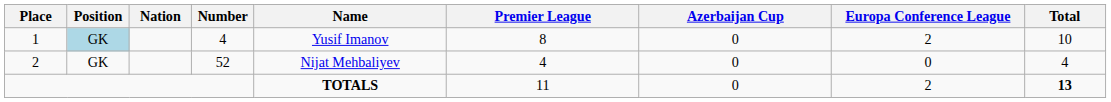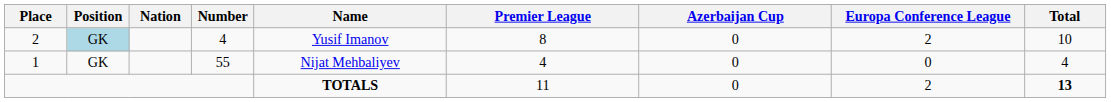 <table class="wikitable" style="font-size: 95%; text-align: center;">
 <tr>
 <th width=60>Place</th>
 <th width=60>Position</th>
 <th width=60>Nation</th>
 <th width=60>Number</th>
 <th width=200>Name</th>
 <th width=200><a href='#'>Premier League</a></th>
 <th width=200><a href='#'>Azerbaijan Cup</a></th>
 <th width=200><a href='#'>Europa Conference League</a></th>
 <th width=80><strong>Total</strong></th>
 </tr>
 <tr>
-<td>1</td>
+<td>2</td>
 <td style="background: lightblue;">GK</td>
 <td></td>
 <td>4</td>
 <td><a href='#'>Yusif Imanov</a></td>
 <td>8</td>
 <td>0</td>
 <td>2</td>
 <td>10</td>
 </tr>
 <tr>
-<td>2</td>
+<td>1</td>
 <td>GK</td>
 <td></td>
-<td>52</td>
+<td>55</td>
 <td><a href='#'>Nijat Mehbaliyev</a></td>
 <td>4</td>
 <td>0</td>
 <td>0</td>
 <td>4</td>
 </tr>
 <tr>
 <td colspan="4"></td>
 <td><strong>TOTALS</strong></td>
 <td>11</td>
 <td>0</td>
 <td>2</td>
 <td><strong>13</strong></td>
 </tr>
 </table>
